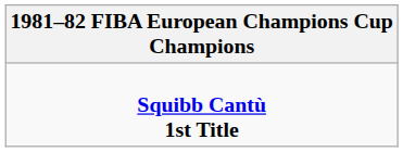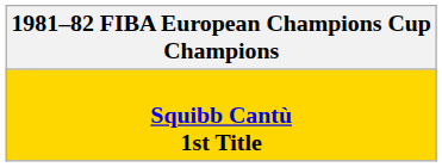 <table class=wikitable style="text-align:center; margin:auto">
 <tr>
 <th>1981–82 FIBA European Champions Cup<br>Champions</th>
 </tr>
 <tr>
-<td> <br> <strong><a href='#'>Squibb Cantù</a></strong> <br> <strong>1st Title</strong></td>
+<td style="background: gold;"> <br> <strong><a href='#'>Squibb Cantù</a></strong> <br> <strong>1st Title</strong></td>
 </tr>
 </table>
